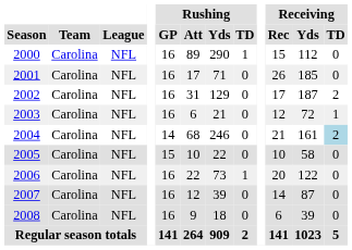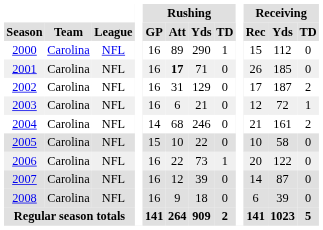 <table BORDER="0" CELLPADDING="3" CELLSPACING="0" ID="Table3">
 <tr ALIGN="center" bgcolor="#e0e0e0">
 <th ALIGN="center" colspan="3" bgcolor="#ffffff"> </th>
 <th ALIGN="center" rowspan="99" bgcolor="#ffffff"> </th>
 <th ALIGN="center" colspan="4">Rushing</th>
 <th ALIGN="center" rowspan="99" bgcolor="#ffffff"> </th>
 <th ALIGN="center" colspan="3">Receiving</th>
 </tr>
 <tr ALIGN="center" bgcolor="#e0e0e0">
 <th ALIGN="center">Season</th>
 <th ALIGN="center">Team</th>
 <th ALIGN="center">League</th>
 <th ALIGN="center">GP</th>
 <th ALIGN="center">Att</th>
 <th ALIGN="center">Yds</th>
 <th ALIGN="center">TD</th>
 <th ALIGN="center">Rec</th>
 <th ALIGN="center">Yds</th>
 <th ALIGN="center">TD</th>
 </tr>
 <tr ALIGN="center">
 <td ALIGN="center"><a href='#'>2000</a></td>
 <td ALIGN="center"><a href='#'>Carolina</a></td>
 <td ALIGN="center"><a href='#'>NFL</a></td>
 <td ALIGN="center">16</td>
 <td ALIGN="center">89</td>
 <td ALIGN="center">290</td>
 <td ALIGN="center">1</td>
 <td ALIGN="center">15</td>
 <td ALIGN="center">112</td>
 <td ALIGN="center">0</td>
 </tr>
 <tr ALIGN="center" bgcolor="#f0f0f0">
 <td ALIGN="center"><a href='#'>2001</a></td>
 <td ALIGN="center">Carolina</td>
 <td ALIGN="center">NFL</td>
 <td ALIGN="center">16</td>
-<td ALIGN="center">17</td>
+<td ALIGN="center"><strong>17</strong></td>
 <td ALIGN="center">71</td>
 <td ALIGN="center">0</td>
 <td ALIGN="center">26</td>
 <td ALIGN="center">185</td>
 <td ALIGN="center">0</td>
 </tr>
 <tr ALIGN="center">
 <td ALIGN="center"><a href='#'>2002</a></td>
 <td ALIGN="center">Carolina</td>
 <td ALIGN="center">NFL</td>
 <td ALIGN="center">16</td>
 <td ALIGN="center">31</td>
 <td ALIGN="center">129</td>
 <td ALIGN="center">0</td>
 <td ALIGN="center">17</td>
 <td ALIGN="center">187</td>
 <td ALIGN="center">2</td>
 </tr>
 <tr ALIGN="center" bgcolor="#f0f0f0">
 <td ALIGN="center"><a href='#'>2003</a></td>
 <td ALIGN="center">Carolina</td>
 <td ALIGN="center">NFL</td>
 <td ALIGN="center">16</td>
 <td ALIGN="center">6</td>
 <td ALIGN="center">21</td>
 <td ALIGN="center">0</td>
 <td ALIGN="center">12</td>
 <td ALIGN="center">72</td>
 <td ALIGN="center">1</td>
 </tr>
 <tr ALIGN="center">
 <td ALIGN="center"><a href='#'>2004</a></td>
 <td ALIGN="center">Carolina</td>
 <td ALIGN="center">NFL</td>
 <td ALIGN="center">14</td>
 <td ALIGN="center">68</td>
 <td ALIGN="center">246</td>
 <td ALIGN="center">0</td>
 <td ALIGN="center">21</td>
 <td ALIGN="center">161</td>
-<td ALIGN="center" style="background: lightblue;">2</td>
+<td ALIGN="center">2</td>
 </tr>
 <tr ALIGN="center" bgcolor="#e0e0e0">
 <td ALIGN="center"><a href='#'>2005</a></td>
 <td ALIGN="center">Carolina</td>
 <td ALIGN="center">NFL</td>
 <td ALIGN="center">15</td>
 <td ALIGN="center">10</td>
 <td ALIGN="center">22</td>
 <td ALIGN="center">0</td>
 <td ALIGN="center">10</td>
 <td ALIGN="center">58</td>
 <td ALIGN="center">0</td>
 </tr>
 <tr ALIGN="center" bgcolor="#f0f0f0">
 <td ALIGN="center"><a href='#'>2006</a></td>
 <td ALIGN="center">Carolina</td>
 <td ALIGN="center">NFL</td>
 <td ALIGN="center">16</td>
 <td ALIGN="center">22</td>
 <td ALIGN="center">73</td>
 <td ALIGN="center">1</td>
 <td ALIGN="center">20</td>
 <td ALIGN="center">122</td>
 <td ALIGN="center">0</td>
 </tr>
 <tr ALIGN="center" bgcolor="#e0e0e0">
 <td ALIGN="center"><a href='#'>2007</a></td>
 <td ALIGN="center">Carolina</td>
 <td ALIGN="center">NFL</td>
 <td ALIGN="center">16</td>
 <td ALIGN="center">12</td>
 <td ALIGN="center">39</td>
 <td ALIGN="center">0</td>
 <td ALIGN="center">14</td>
 <td ALIGN="center">87</td>
 <td ALIGN="center">0</td>
 </tr>
 <tr ALIGN="center" bgcolor="#e0e0e0">
 <td ALIGN="center"><a href='#'>2008</a></td>
 <td ALIGN="center">Carolina</td>
 <td ALIGN="center">NFL</td>
 <td ALIGN="center">16</td>
 <td ALIGN="center">9</td>
 <td ALIGN="center">18</td>
 <td ALIGN="center">0</td>
 <td ALIGN="center">6</td>
 <td ALIGN="center">39</td>
 <td ALIGN="center">0</td>
 </tr>
 <tr ALIGN="center" bgcolor="#e0e0e0">
 <th colspan="3">Regular season totals</th>
 <th ALIGN="center">141</th>
 <th ALIGN="center">264</th>
 <th ALIGN="center">909</th>
 <th ALIGN="center">2</th>
 <th ALIGN="center">141</th>
 <th ALIGN="center">1023</th>
 <th ALIGN="center">5</th>
 </tr>
 </table>
